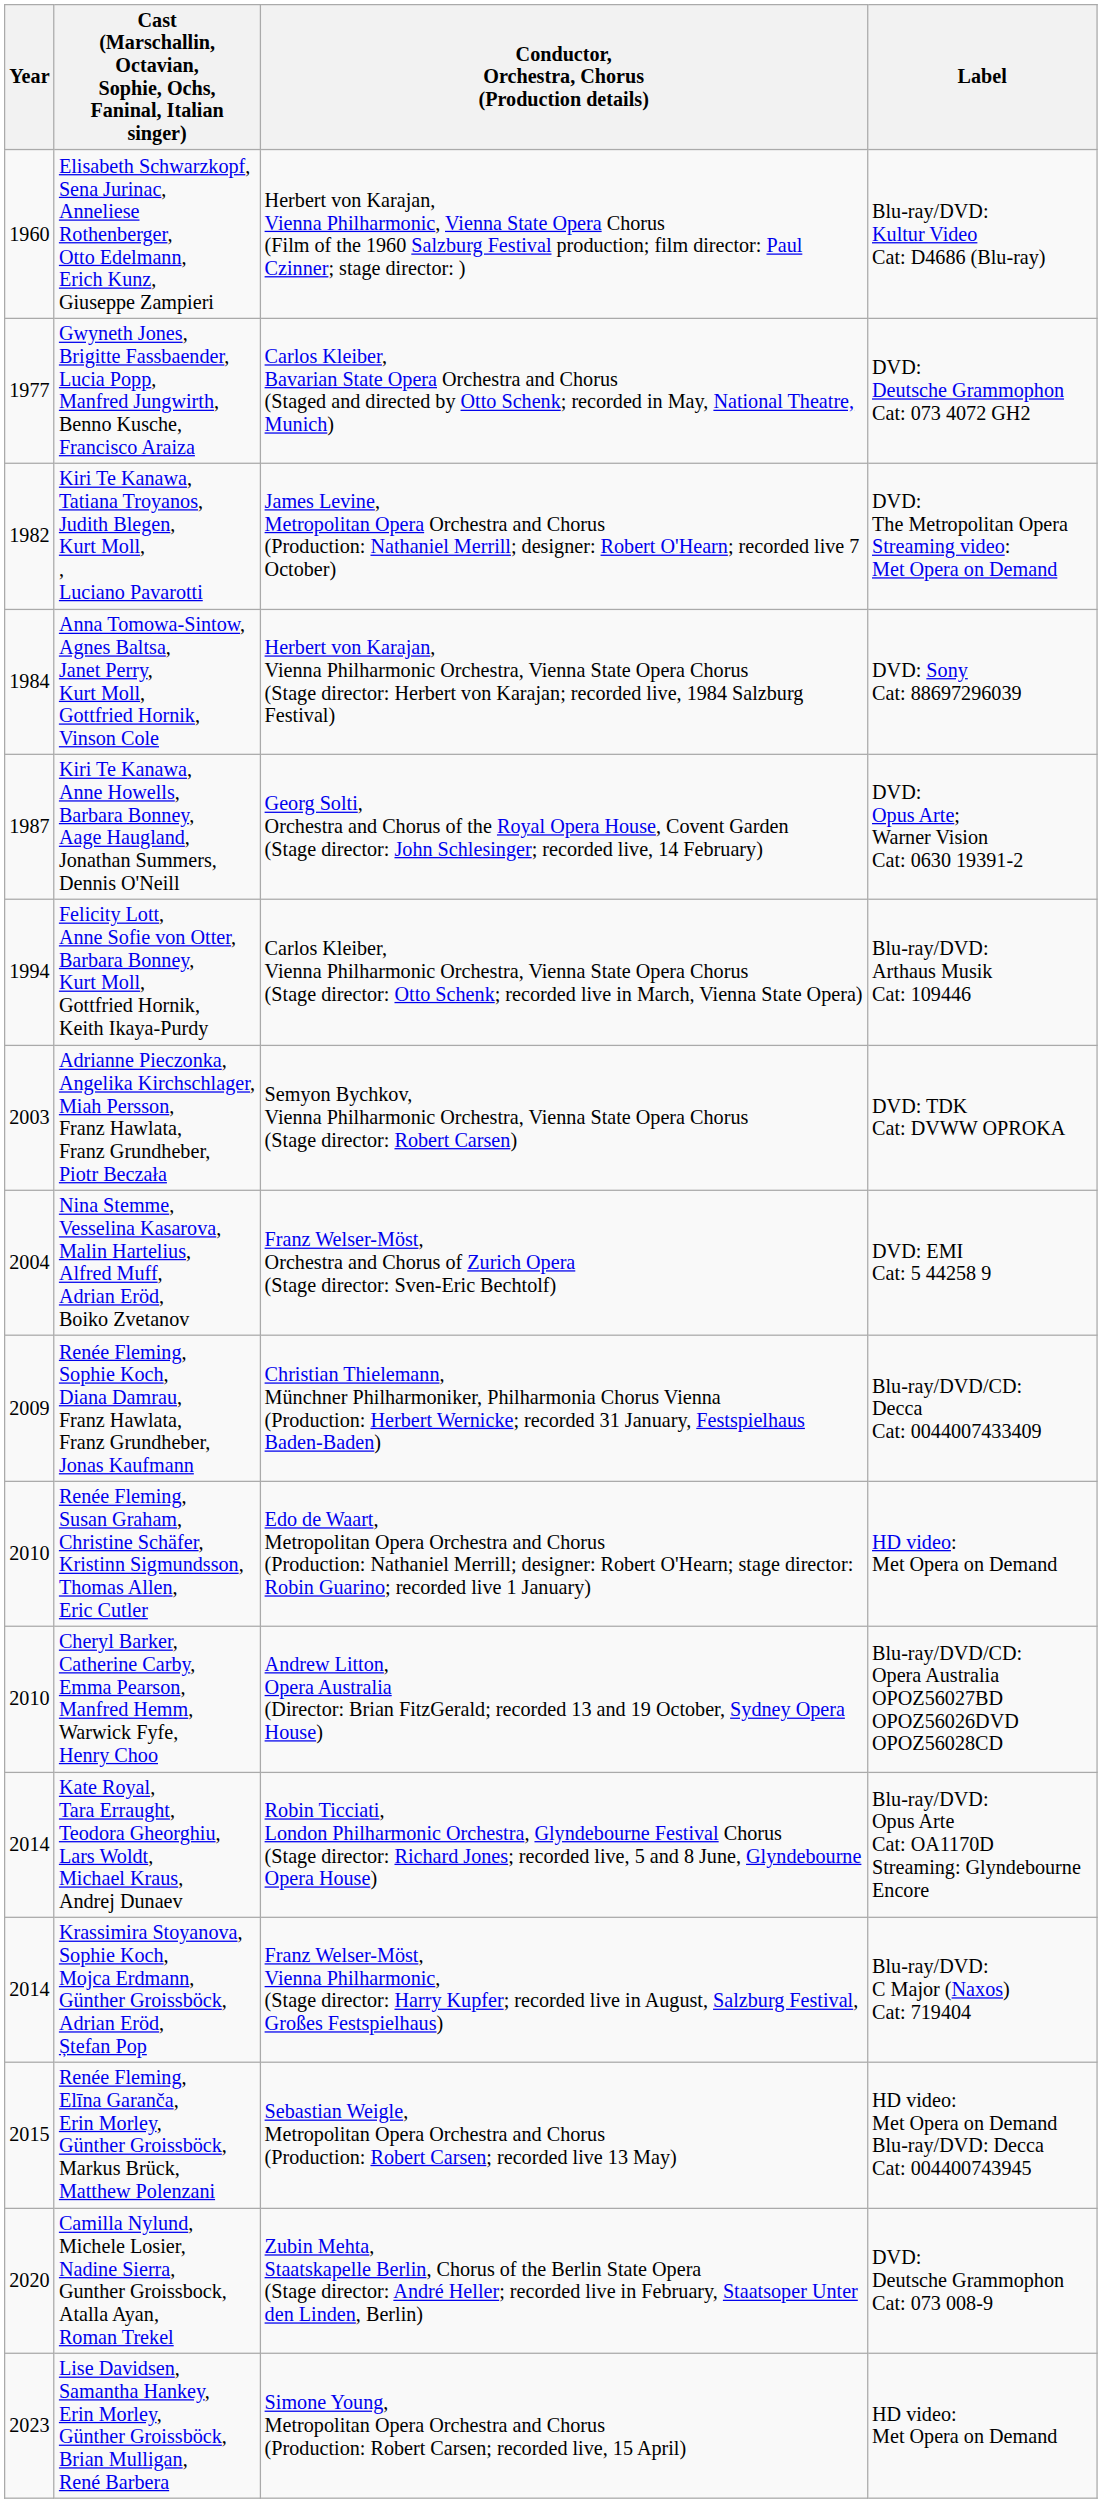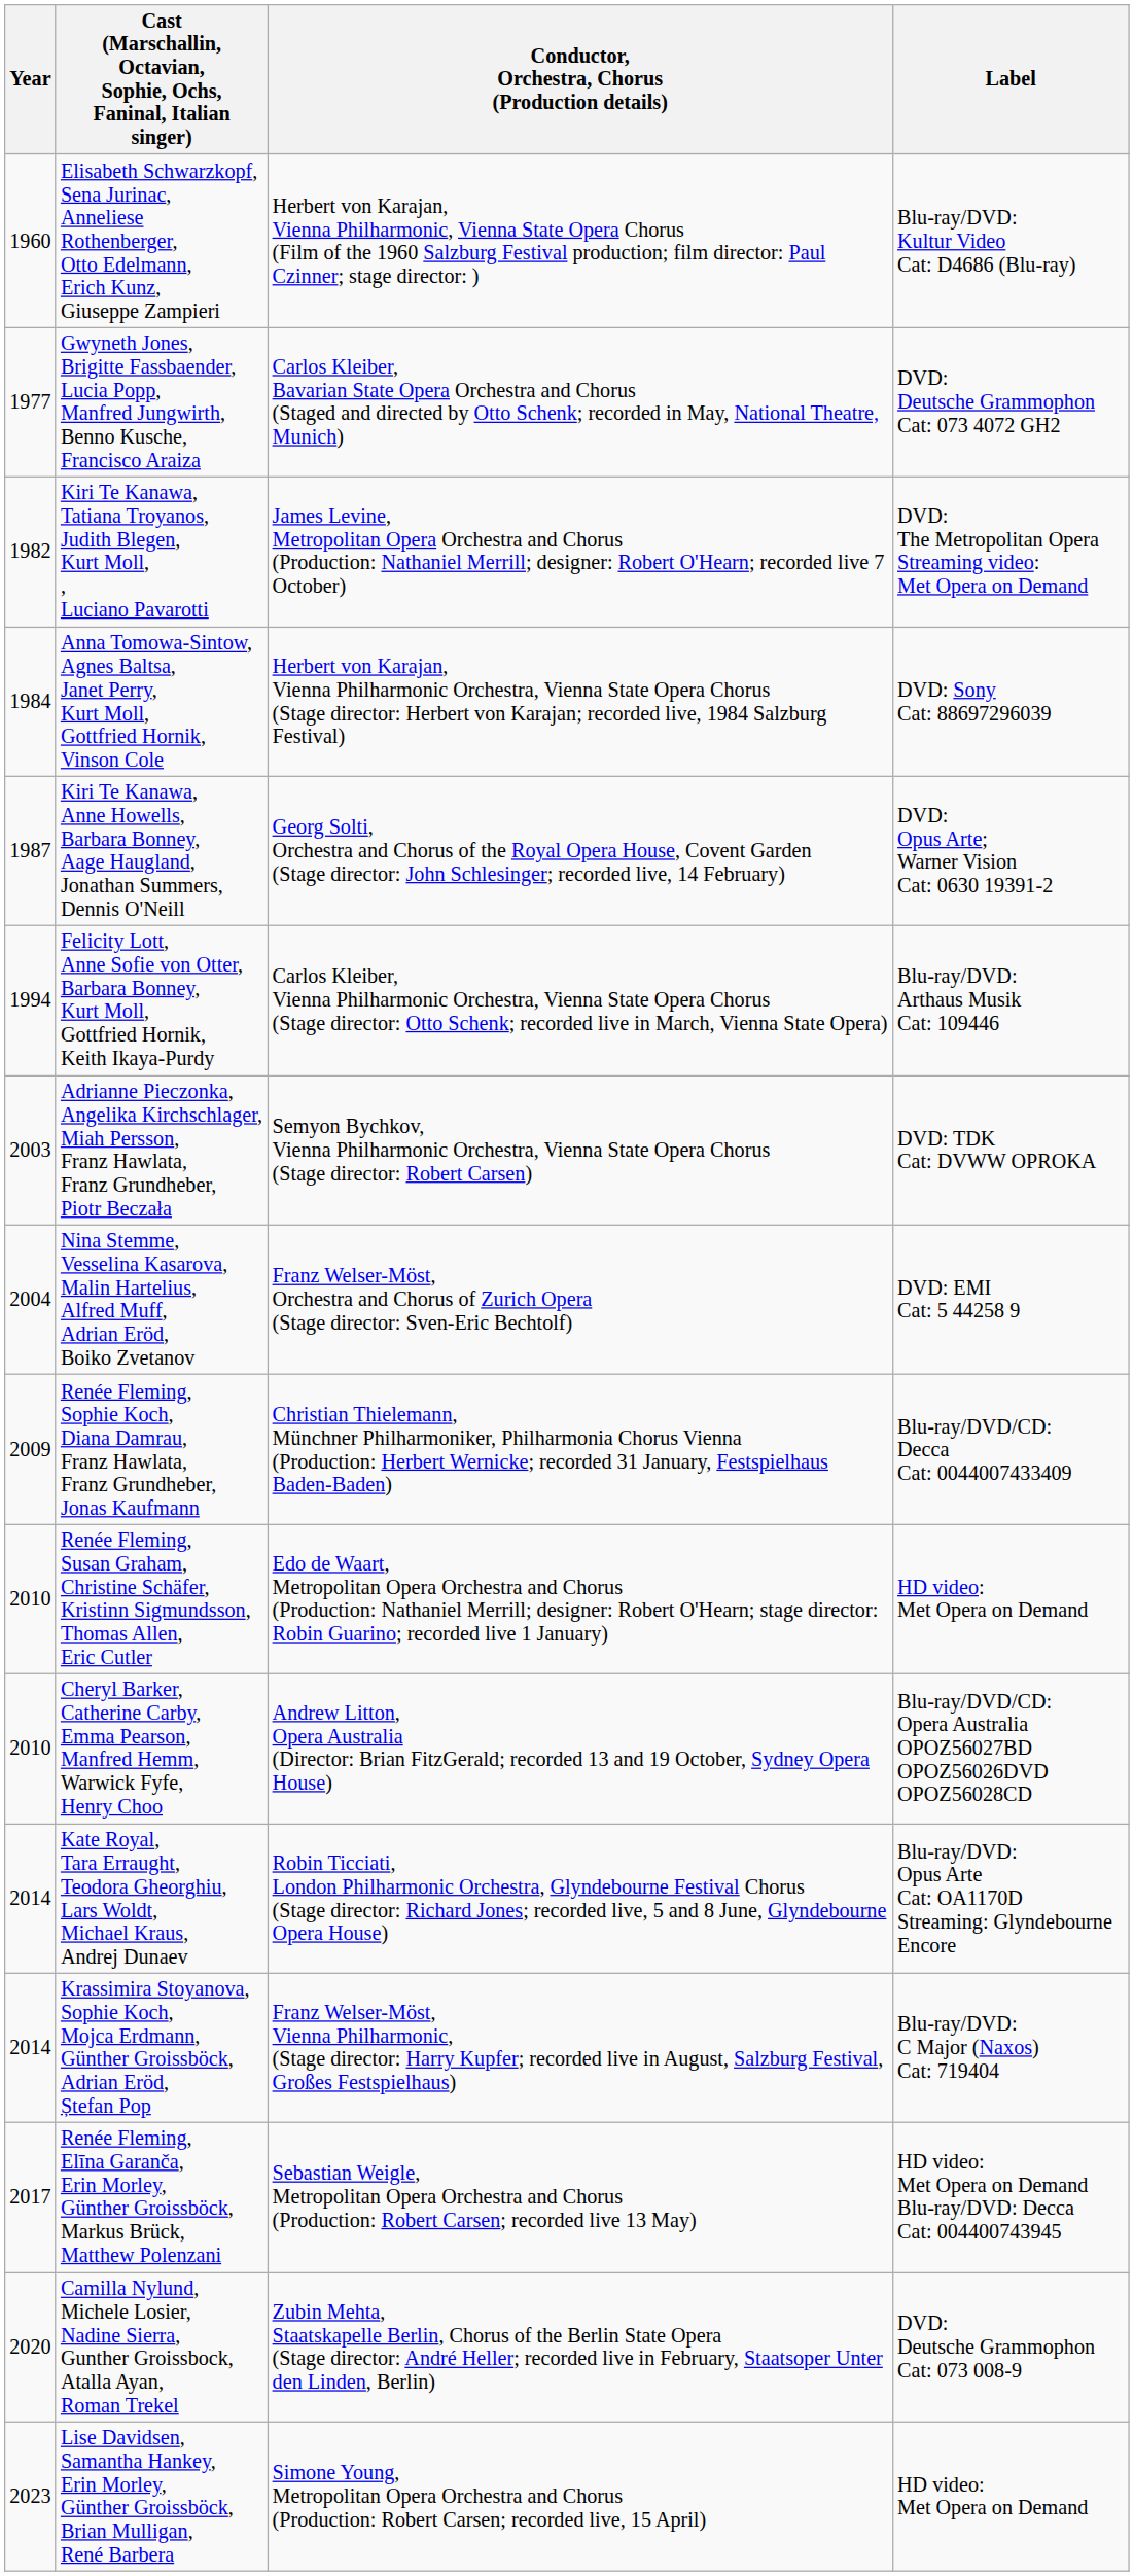 <table class="wikitable">
 <tr>
 <th>Year</th>
 <th>Cast<br>(Marschallin, Octavian,<br>Sophie, Ochs,<br>Faninal, Italian singer)</th>
 <th>Conductor,<br>Orchestra, Chorus<br>(Production details)</th>
 <th>Label</th>
 </tr>
 <tr>
 <td>1960</td>
 <td><a href='#'>Elisabeth Schwarzkopf</a>,<br><a href='#'>Sena Jurinac</a>,<br><a href='#'>Anneliese Rothenberger</a>,<br><a href='#'>Otto Edelmann</a>,<br><a href='#'>Erich Kunz</a>,<br>Giuseppe Zampieri</td>
 <td>Herbert von Karajan,<br><a href='#'>Vienna Philharmonic</a>, <a href='#'>Vienna State Opera</a> Chorus<br>(Film of the 1960 <a href='#'>Salzburg Festival</a> production; film director: <a href='#'>Paul Czinner</a>; stage director: )</td>
 <td>Blu-ray/DVD:<br><a href='#'>Kultur Video</a><br>Cat: D4686 (Blu-ray)</td>
 </tr>
 <tr>
 <td>1977</td>
 <td><a href='#'>Gwyneth Jones</a>,<br><a href='#'>Brigitte Fassbaender</a>,<br><a href='#'>Lucia Popp</a>,<br><a href='#'>Manfred Jungwirth</a>,<br>Benno Kusche,<br><a href='#'>Francisco Araiza</a><br></td>
 <td><a href='#'>Carlos Kleiber</a>,<br><a href='#'>Bavarian State Opera</a> Orchestra and Chorus<br>(Staged and directed by <a href='#'>Otto Schenk</a>; recorded in May, <a href='#'>National Theatre, Munich</a>)</td>
 <td>DVD:<br><a href='#'>Deutsche Grammophon</a><br>Cat: 073 4072 GH2</td>
 </tr>
 <tr>
 <td>1982</td>
 <td><a href='#'>Kiri Te Kanawa</a>,<br><a href='#'>Tatiana Troyanos</a>,<br><a href='#'>Judith Blegen</a>,<br><a href='#'>Kurt Moll</a>,<br>,<br><a href='#'>Luciano Pavarotti</a></td>
 <td><a href='#'>James Levine</a>,<br><a href='#'>Metropolitan Opera</a> Orchestra and Chorus<br>(Production: <a href='#'>Nathaniel Merrill</a>; designer: <a href='#'>Robert O'Hearn</a>; recorded live 7 October)</td>
 <td>DVD:<br>The Metropolitan Opera<br><a href='#'>Streaming video</a>:<br><a href='#'>Met Opera on Demand</a></td>
 </tr>
 <tr>
 <td>1984</td>
 <td><a href='#'>Anna Tomowa-Sintow</a>,<br><a href='#'>Agnes Baltsa</a>,<br><a href='#'>Janet Perry</a>,<br><a href='#'>Kurt Moll</a>,<br><a href='#'>Gottfried Hornik</a>,<br><a href='#'>Vinson Cole</a></td>
 <td><a href='#'>Herbert von Karajan</a>,<br>Vienna Philharmonic Orchestra, Vienna State Opera Chorus<br>(Stage director: Herbert von Karajan; recorded live, 1984 Salzburg Festival)</td>
 <td>DVD: <a href='#'>Sony</a><br>Cat: 88697296039</td>
 </tr>
 <tr>
 <td>1987</td>
 <td><a href='#'>Kiri Te Kanawa</a>,<br><a href='#'>Anne Howells</a>,<br><a href='#'>Barbara Bonney</a>,<br><a href='#'>Aage Haugland</a>,<br>Jonathan Summers,<br>Dennis O'Neill</td>
 <td><a href='#'>Georg Solti</a>,<br>Orchestra and Chorus of the <a href='#'>Royal Opera House</a>, Covent Garden<br>(Stage director: <a href='#'>John Schlesinger</a>; recorded live, 14 February)</td>
 <td>DVD:<br><a href='#'>Opus Arte</a>;<br>Warner Vision<br>Cat: 0630 19391-2</td>
 </tr>
 <tr>
 <td>1994</td>
 <td><a href='#'>Felicity Lott</a>,<br><a href='#'>Anne Sofie von Otter</a>,<br><a href='#'>Barbara Bonney</a>,<br><a href='#'>Kurt Moll</a>,<br>Gottfried Hornik,<br>Keith Ikaya-Purdy</td>
 <td>Carlos Kleiber,<br>Vienna Philharmonic Orchestra, Vienna State Opera Chorus<br>(Stage director: <a href='#'>Otto Schenk</a>; recorded live in March, Vienna State Opera)</td>
 <td>Blu-ray/DVD:<br>Arthaus Musik<br>Cat: 109446</td>
 </tr>
 <tr>
 <td>2003</td>
 <td><a href='#'>Adrianne Pieczonka</a>,<br><a href='#'>Angelika Kirchschlager</a>,<br><a href='#'>Miah Persson</a>,<br>Franz Hawlata,<br>Franz Grundheber,<br><a href='#'>Piotr Beczała</a></td>
 <td>Semyon Bychkov,<br>Vienna Philharmonic Orchestra, Vienna State Opera Chorus<br>(Stage director: <a href='#'>Robert Carsen</a>)</td>
 <td>DVD: TDK<br>Cat: DVWW OPROKA</td>
 </tr>
 <tr>
 <td>2004</td>
 <td><a href='#'>Nina Stemme</a>,<br><a href='#'>Vesselina Kasarova</a>,<br><a href='#'>Malin Hartelius</a>,<br><a href='#'>Alfred Muff</a>,<br><a href='#'>Adrian Eröd</a>,<br>Boiko Zvetanov</td>
 <td><a href='#'>Franz Welser-Möst</a>,<br>Orchestra and Chorus of <a href='#'>Zurich Opera</a><br>(Stage director: Sven-Eric Bechtolf)</td>
 <td>DVD: EMI<br>Cat: 5 44258 9</td>
 </tr>
 <tr>
 <td>2009</td>
 <td><a href='#'>Renée Fleming</a>,<br><a href='#'>Sophie Koch</a>,<br><a href='#'>Diana Damrau</a>,<br>Franz Hawlata,<br>Franz Grundheber,<br><a href='#'>Jonas Kaufmann</a></td>
 <td><a href='#'>Christian Thielemann</a>,<br>Münchner Philharmoniker, Philharmonia Chorus Vienna<br>(Production: <a href='#'>Herbert Wernicke</a>; recorded 31 January, <a href='#'>Festspielhaus Baden-Baden</a>)</td>
 <td>Blu-ray/DVD/CD:<br>Decca<br>Cat: 0044007433409</td>
 </tr>
 <tr>
 <td>2010</td>
 <td><a href='#'>Renée Fleming</a>,<br><a href='#'>Susan Graham</a>,<br><a href='#'>Christine Schäfer</a>,<br><a href='#'>Kristinn Sigmundsson</a>,<br><a href='#'>Thomas Allen</a>,<br><a href='#'>Eric Cutler</a></td>
 <td><a href='#'>Edo de Waart</a>,<br>Metropolitan Opera Orchestra and Chorus<br>(Production: Nathaniel Merrill; designer: Robert O'Hearn; stage director: <a href='#'>Robin Guarino</a>; recorded live 1 January)</td>
 <td><a href='#'>HD video</a>:<br>Met Opera on Demand</td>
 </tr>
 <tr>
 <td>2010</td>
 <td><a href='#'>Cheryl Barker</a>,<br><a href='#'>Catherine Carby</a>,<br><a href='#'>Emma Pearson</a>,<br><a href='#'>Manfred Hemm</a>,<br>Warwick Fyfe,<br><a href='#'>Henry Choo</a></td>
 <td><a href='#'>Andrew Litton</a>,<br><a href='#'>Opera Australia</a><br>(Director: Brian FitzGerald; recorded 13 and 19 October, <a href='#'>Sydney Opera House</a>)</td>
 <td>Blu-ray/DVD/CD:<br>Opera Australia<br>OPOZ56027BD<br>OPOZ56026DVD<br>OPOZ56028CD</td>
 </tr>
 <tr>
 <td>2014</td>
 <td><a href='#'>Kate Royal</a>,<br><a href='#'>Tara Erraught</a>,<br><a href='#'>Teodora Gheorghiu</a>,<br><a href='#'>Lars Woldt</a>,<br><a href='#'>Michael Kraus</a>,<br>Andrej Dunaev</td>
 <td><a href='#'>Robin Ticciati</a>,<br><a href='#'>London Philharmonic Orchestra</a>, <a href='#'>Glyndebourne Festival</a> Chorus<br>(Stage director: <a href='#'>Richard Jones</a>; recorded live, 5 and 8 June, <a href='#'>Glyndebourne Opera House</a>)</td>
 <td>Blu-ray/DVD:<br>Opus Arte<br>Cat: OA1170D<br>Streaming: Glyndebourne Encore</td>
 </tr>
 <tr>
 <td>2014</td>
 <td><a href='#'>Krassimira Stoyanova</a>,<br><a href='#'>Sophie Koch</a>,<br><a href='#'>Mojca Erdmann</a>,<br><a href='#'>Günther Groissböck</a>,<br><a href='#'>Adrian Eröd</a>,<br><a href='#'>Ștefan Pop</a></td>
 <td><a href='#'>Franz Welser-Möst</a>,<br><a href='#'>Vienna Philharmonic</a>, <br>(Stage director: <a href='#'>Harry Kupfer</a>; recorded live in August, <a href='#'>Salzburg Festival</a>, <a href='#'>Großes Festspielhaus</a>)</td>
 <td>Blu-ray/DVD:<br>C Major (<a href='#'>Naxos</a>)<br>Cat: 719404</td>
 </tr>
 <tr>
-<td>2015</td>
+<td>2017</td>
 <td><a href='#'>Renée Fleming</a>,<br><a href='#'>Elīna Garanča</a>,<br><a href='#'>Erin Morley</a>,<br><a href='#'>Günther Groissböck</a>,<br>Markus Brück,<br><a href='#'>Matthew Polenzani</a></td>
 <td><a href='#'>Sebastian Weigle</a>,<br>Metropolitan Opera Orchestra and Chorus<br>(Production: <a href='#'>Robert Carsen</a>; recorded live 13 May)</td>
 <td>HD video:<br>Met Opera on Demand<br>Blu-ray/DVD: Decca<br>Cat: 004400743945</td>
 </tr>
 <tr>
 <td>2020</td>
 <td><a href='#'>Camilla Nylund</a>,<br>Michele Losier,<br><a href='#'>Nadine Sierra</a>,<br>Gunther Groissbock,<br>Atalla Ayan,<br><a href='#'>Roman Trekel</a></td>
 <td><a href='#'>Zubin Mehta</a>,<br><a href='#'>Staatskapelle Berlin</a>, Chorus of the Berlin State Opera<br>(Stage director: <a href='#'>André Heller</a>; recorded live in February, <a href='#'>Staatsoper Unter den Linden</a>, Berlin)</td>
 <td>DVD:<br>Deutsche Grammophon<br>Cat: 073 008-9</td>
 </tr>
 <tr>
 <td>2023</td>
 <td><a href='#'>Lise Davidsen</a>,<br><a href='#'>Samantha Hankey</a>,<br><a href='#'>Erin Morley</a>,<br><a href='#'>Günther Groissböck</a>,<br><a href='#'>Brian Mulligan</a>,<br><a href='#'>René Barbera</a></td>
 <td><a href='#'>Simone Young</a>,<br>Metropolitan Opera Orchestra and Chorus<br>(Production: Robert Carsen; recorded live, 15 April)</td>
 <td>HD video:<br>Met Opera on Demand</td>
 </tr>
 </table>
